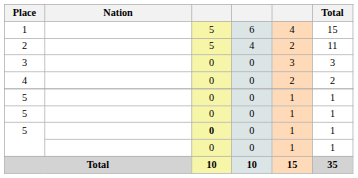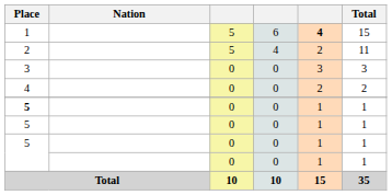 <table class=wikitable style="border:1px solid #AAAAAA;font-size:90%">
 <tr bgcolor="#EFEFEF">
 <th width=50>Place</th>
 <th width=200>Nation</th>
 <th width=50></th>
 <th width=50></th>
 <th width=50></th>
 <th width=50>Total</th>
 </tr>
 <tr align="center" valign="top" bgcolor="#FFFFFF">
 <td>1</td>
 <td align="left"></td>
 <td style="background:#F7F6A8;">5</td>
 <td style="background:#DCE5E5;">6</td>
-<td style="background:#FFDAB9;">4</td>
+<td style="background:#FFDAB9;"><strong>4</strong></td>
 <td>15</td>
 </tr>
 <tr align="center" valign="top" bgcolor="#FFFFFF">
 <td>2</td>
 <td align="left"></td>
 <td style="background:#F7F6A8;">5</td>
 <td style="background:#DCE5E5;">4</td>
 <td style="background:#FFDAB9;">2</td>
 <td>11</td>
 </tr>
 <tr align="center" valign="top" bgcolor="#FFFFFF">
 <td>3</td>
 <td align="left"></td>
 <td style="background:#F7F6A8;">0</td>
 <td style="background:#DCE5E5;">0</td>
 <td style="background:#FFDAB9;">3</td>
 <td>3</td>
 </tr>
 <tr align="center" valign="top" bgcolor="#FFFFFF">
 <td>4</td>
 <td align="left"></td>
 <td style="background:#F7F6A8;">0</td>
 <td style="background:#DCE5E5;">0</td>
 <td style="background:#FFDAB9;">2</td>
 <td>2</td>
 </tr>
 <tr align="center" valign="top" bgcolor="#FFFFFF">
 </tr>
 <tr align="center" valign="top" bgcolor="#FFFFFF">
-<td>5</td>
+<td><strong>5</strong></td>
 <td align="left"></td>
 <td style="background:#F7F6A8;">0</td>
 <td style="background:#DCE5E5;">0</td>
 <td style="background:#FFDAB9;">1</td>
 <td>1</td>
 </tr>
 <tr align="center" valign="top" bgcolor="#FFFFFF">
 <td>5</td>
 <td align="left"></td>
 <td style="background:#F7F6A8;">0</td>
 <td style="background:#DCE5E5;">0</td>
 <td style="background:#FFDAB9;">1</td>
 <td>1</td>
 </tr>
 <tr align="center" valign="top" bgcolor="#FFFFFF">
 <td rowspan="2" valign="center">5</td>
 <td align="left"></td>
-<td style="background:#F7F6A8;"><strong>0</strong></td>
+<td style="background:#F7F6A8;">0</td>
 <td style="background:#DCE5E5;">0</td>
 <td style="background:#FFDAB9;">1</td>
 <td>1</td>
 </tr>
 <tr align="center" valign="top" bgcolor="#FFFFFF">
 <td align="left"></td>
 <td style="background:#F7F6A8;">0</td>
 <td style="background:#DCE5E5;">0</td>
 <td style="background:#FFDAB9;">1</td>
 <td>1</td>
 </tr>
 <tr align="center">
 <td colspan="2" bgcolor=D3D3D3><strong>Total</strong></td>
 <td style="background:#F7F6A8;"><strong>10</strong></td>
 <td style="background:#DCE5E5;"><strong>10</strong></td>
 <td style="background:#FFDAB9;"><strong>15</strong></td>
 <td bgcolor=D3D3D3><strong>35</strong></td>
 </tr>
 </table>
